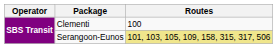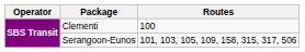 <table class="wikitable" style="font-size:85%; text-align: left">
 <tr>
 <th>Operator</th>
 <th>Package</th>
 <th>Routes</th>
 </tr>
 <tr>
 <td rowspan=2 style="background-color:#800080; color: white"><strong>SBS Transit</strong></td>
 <td>Clementi</td>
 <td>100</td>
 </tr>
 <tr>
 <td>Serangoon-Eunos</td>
-<td style="background: khaki;">101, 103, 105, 109, 158, 315, 317, 506</td>
+<td>101, 103, 105, 109, 158, 315, 317, 506</td>
 </tr>
 </table>
